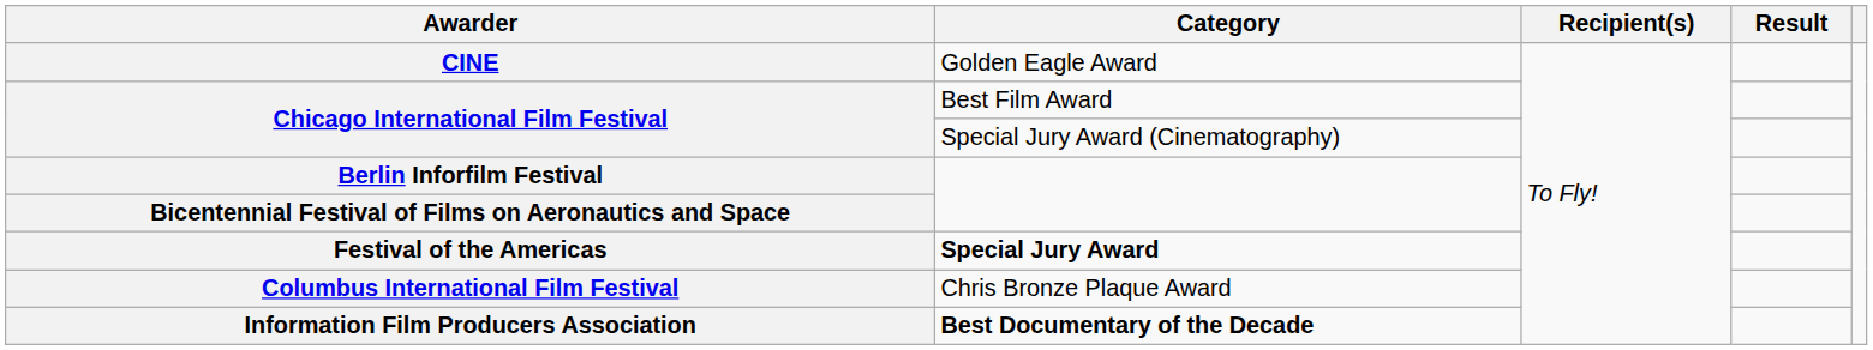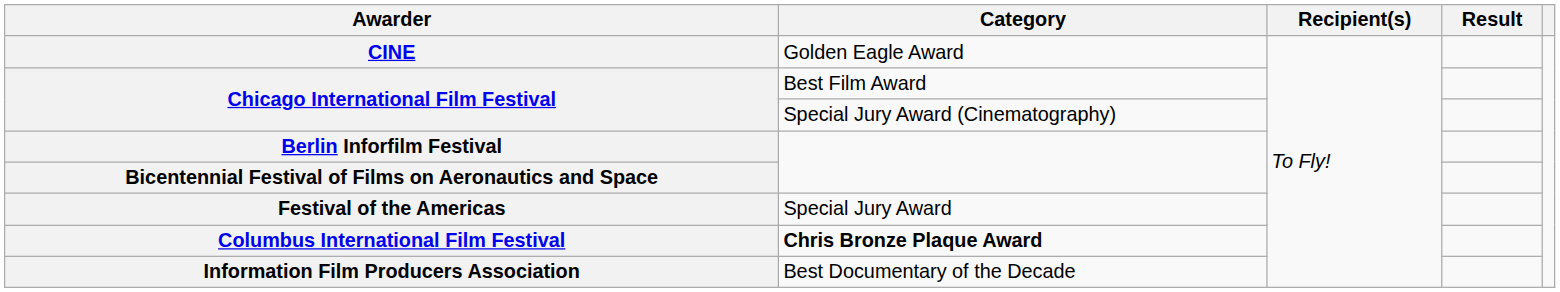 <table class="wikitable sortable plainrowheaders" style="width: 99%;">
 <tr>
 <th scope="col">Awarder</th>
 <th scope="col">Category</th>
 <th scope="col">Recipient(s)</th>
 <th scope="col">Result</th>
 <th scope="col" class="unsortable"></th>
 </tr>
 <tr>
 <th scope="row"><a href='#'>CINE</a></th>
 <td>Golden Eagle Award</td>
 <td rowspan="8"><em>To Fly!</em></td>
 <td></td>
 <td rowspan="8" style="text-align:center;"></td>
 </tr>
 <tr>
 <th rowspan="2" scope="row"><a href='#'>Chicago International Film Festival</a></th>
 <td>Best Film Award</td>
 <td></td>
 </tr>
 <tr>
 <td>Special Jury Award (Cinematography)</td>
 <td></td>
 </tr>
 <tr>
 <th scope="row"><a href='#'>Berlin</a> Inforfilm Festival</th>
 <td rowspan="2"><em></em></td>
 <td></td>
 </tr>
 <tr>
 <th scope="row">Bicentennial Festival of Films on Aeronautics and Space</th>
 <td></td>
 </tr>
 <tr>
 <th scope="row">Festival of the Americas</th>
-<td><strong>Special Jury Award</strong></td>
+<td>Special Jury Award</td>
 <td></td>
 </tr>
 <tr>
 <th scope="row"><a href='#'>Columbus International Film Festival</a></th>
-<td>Chris Bronze Plaque Award</td>
+<td><strong>Chris Bronze Plaque Award</strong></td>
 <td></td>
 </tr>
 <tr>
 <th scope="row">Information Film Producers Association</th>
-<td><strong>Best Documentary of the Decade</strong></td>
+<td>Best Documentary of the Decade</td>
 <td></td>
 </tr>
 </table>
